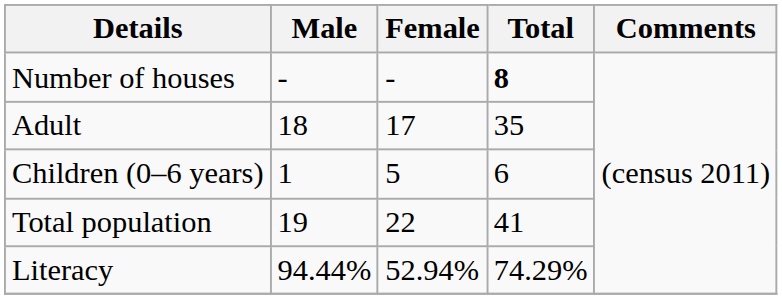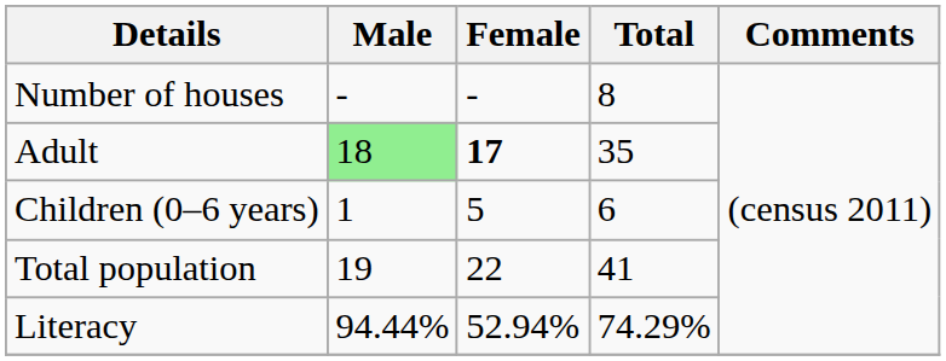 <table class="wikitable sortable">
 <tr>
 <th>Details</th>
 <th>Male</th>
 <th>Female</th>
 <th>Total</th>
 <th>Comments</th>
 </tr>
 <tr>
 <td>Number of houses</td>
 <td>-</td>
 <td>-</td>
-<td><strong>8</strong></td>
+<td>8</td>
 <td rowspan="5">(census 2011) </td>
 </tr>
 <tr>
 <td>Adult</td>
-<td>18</td>
-<td>17</td>
+<td style="background: lightgreen;">18</td>
+<td><strong>17</strong></td>
 <td>35</td>
 </tr>
 <tr>
 <td>Children (0–6 years)</td>
 <td>1</td>
 <td>5</td>
 <td>6</td>
 </tr>
 <tr>
 <td>Total population</td>
 <td>19</td>
 <td>22</td>
 <td>41</td>
 </tr>
 <tr>
 <td>Literacy</td>
 <td>94.44%</td>
 <td>52.94%</td>
 <td>74.29%</td>
 </tr>
 <tr>
 </tr>
 </table>
